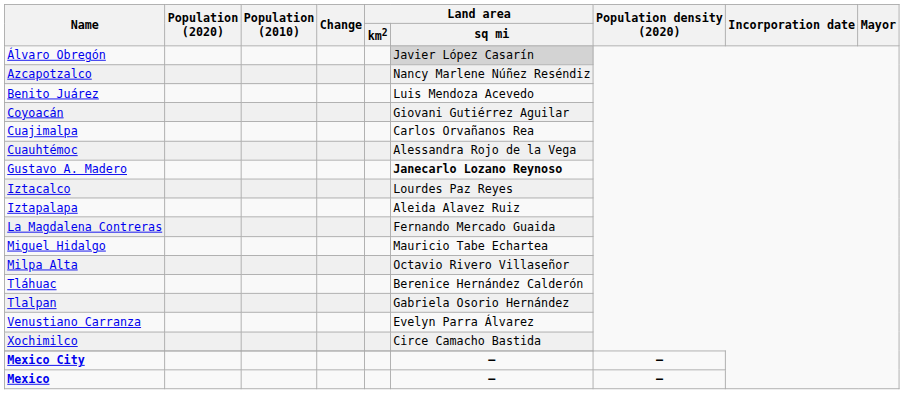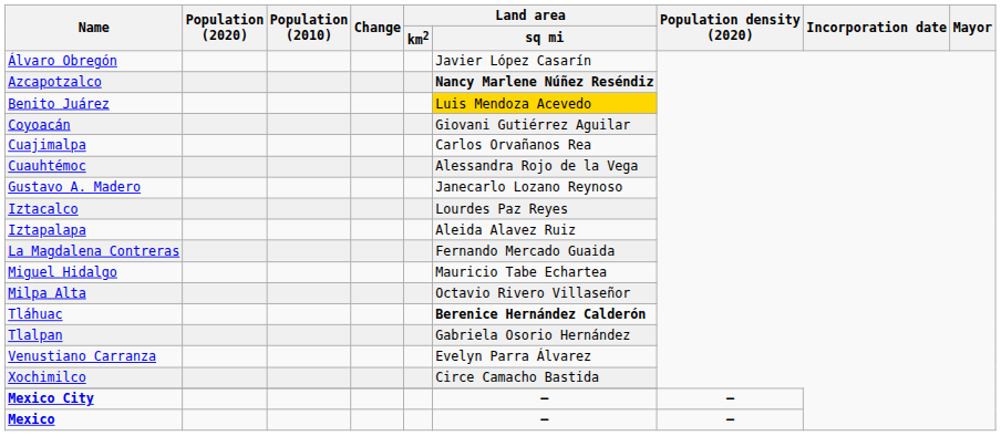 <table class="wikitable sortable" style="text-align:right;">
 <tr>
 <th scope="col"  rowspan=2>Name</th>
 <th scope="col"  rowspan=2>Population<br>(2020)</th>
 <th scope="col"  rowspan=2>Population<br>(2010)</th>
 <th scope="col"  rowspan=2>Change</th>
 <th scope="col" data-sort-type="number"  colspan=2>Land area</th>
 <th scope="col" data-sort-type="number"  rowspan=2>Population density<br>(2020)</th>
 <th scope="col"  rowspan=2>Incorporation date</th>
 <th scope="col"  rowspan=2>Mayor</th>
 </tr>
 <tr>
 <th>km<sup>2</sup></th>
 <th>sq mi</th>
 </tr>
 <tr>
 <td align="left"><a href='#'>Álvaro Obregón</a></td>
 <td></td>
 <td></td>
 <td></td>
 <td></td>
-<td align="left" style="background: lightgrey;"> Javier López Casarín</td>
+<td align="left"> Javier López Casarín</td>
 </tr>
 <tr bgcolor="#f0f0f0">
 <td align="left"><a href='#'>Azcapotzalco</a></td>
 <td></td>
 <td></td>
 <td></td>
 <td></td>
-<td align="left"> Nancy Marlene Núñez Reséndiz</td>
+<td align="left"><strong> Nancy Marlene Núñez Reséndiz</strong></td>
 </tr>
 <tr>
 <td align="left"><a href='#'>Benito Juárez</a></td>
 <td></td>
 <td></td>
 <td></td>
 <td></td>
-<td align="left"> Luis Mendoza Acevedo</td>
+<td align="left" style="background: gold;"> Luis Mendoza Acevedo</td>
 </tr>
 <tr bgcolor="#f0f0f0">
 <td align="left"><a href='#'>Coyoacán</a></td>
 <td></td>
 <td></td>
 <td></td>
 <td></td>
 <td align="left"> Giovani Gutiérrez Aguilar</td>
 </tr>
 <tr>
 <td align="left"><a href='#'>Cuajimalpa</a></td>
 <td></td>
 <td></td>
 <td></td>
 <td></td>
 <td align="left"> Carlos Orvañanos Rea</td>
 </tr>
 <tr bgcolor="#f0f0f0">
 <td align="left"><a href='#'>Cuauhtémoc</a></td>
 <td></td>
 <td></td>
 <td></td>
 <td></td>
 <td align="left"> Alessandra Rojo de la Vega</td>
 </tr>
 <tr>
 <td align="left"><a href='#'>Gustavo A. Madero</a></td>
 <td></td>
 <td></td>
 <td></td>
 <td></td>
-<td align="left"><strong> Janecarlo Lozano Reynoso</strong></td>
+<td align="left"> Janecarlo Lozano Reynoso</td>
 </tr>
 <tr bgcolor="#f0f0f0">
 <td align="left"><a href='#'>Iztacalco</a></td>
 <td></td>
 <td></td>
 <td></td>
 <td></td>
 <td align="left"> Lourdes Paz Reyes</td>
 </tr>
 <tr>
 <td align="left"><a href='#'>Iztapalapa</a></td>
 <td></td>
 <td></td>
 <td></td>
 <td></td>
 <td align="left"> Aleida Alavez Ruiz</td>
 </tr>
 <tr bgcolor="#f0f0f0">
 <td align="left"><a href='#'>La Magdalena Contreras</a></td>
 <td></td>
 <td></td>
 <td></td>
 <td></td>
 <td align="left"> Fernando Mercado Guaida</td>
 </tr>
 <tr>
 <td align="left"><a href='#'>Miguel Hidalgo</a></td>
 <td></td>
 <td></td>
 <td></td>
 <td></td>
 <td align="left"> Mauricio Tabe Echartea</td>
 </tr>
 <tr bgcolor="#f0f0f0">
 <td align="left"><a href='#'>Milpa Alta</a></td>
 <td></td>
 <td></td>
 <td></td>
 <td></td>
 <td align="left"> Octavio Rivero Villaseñor</td>
 </tr>
 <tr>
 <td align="left"><a href='#'>Tláhuac</a></td>
 <td></td>
 <td></td>
 <td></td>
 <td></td>
-<td align="left"> Berenice Hernández Calderón</td>
+<td align="left"><strong> Berenice Hernández Calderón</strong></td>
 </tr>
 <tr bgcolor="#f0f0f0">
 <td align="left"><a href='#'>Tlalpan</a></td>
 <td></td>
 <td></td>
 <td></td>
 <td></td>
 <td align="left"> Gabriela Osorio Hernández</td>
 </tr>
 <tr>
 <td align="left"><a href='#'>Venustiano Carranza</a></td>
 <td></td>
 <td></td>
 <td></td>
 <td></td>
 <td align="left"> Evelyn Parra Álvarez</td>
 </tr>
 <tr bgcolor="#f0f0f0">
 <td align="left"><a href='#'>Xochimilco</a></td>
 <td></td>
 <td></td>
 <td></td>
 <td></td>
 <td align="left"> Circe Camacho Bastida</td>
 </tr>
 <tr>
 </tr>
 <tr class="sortbottom" style="text-align:center;" style="background: #f2f2f2;">
 <td scope="row" align="left"><strong><a href='#'>Mexico City</a></strong></td>
 <td></td>
 <td><strong></strong></td>
 <td align="right"><strong></strong></td>
 <td align="right"><strong></strong></td>
 <td><strong>—</strong></td>
 <td><strong>—</strong></td>
 </tr>
 <tr class="sortbottom" style="text-align:center;" style="background: #f2f2f2;">
 <td scope="row" align="left"><strong><a href='#'>Mexico</a></strong></td>
 <td></td>
 <td><strong></strong></td>
 <td><strong></strong></td>
 <td align="right"><strong></strong></td>
 <td><strong>—</strong></td>
 <td><strong>—</strong></td>
 </tr>
 </table>
